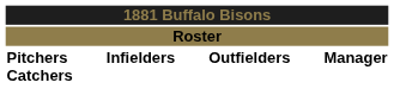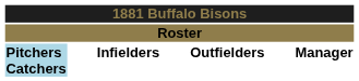 <table class="toccolours" style="font-size: 95%;">
 <tr>
 <th colspan="10" style="background-color: #1E1E1E; color: #8F7D4B; text-align: center;">1881 Buffalo Bisons</th>
 </tr>
 <tr>
 <td colspan="10" style="background-color:#8F7D4B; color: 1E1E1E; text-align: center;"><strong>Roster</strong></td>
 </tr>
 <tr>
-<td valign="top"><strong>Pitchers</strong><br>  <strong>Catchers</strong>  </td>
+<td valign="top" style="background: lightblue;"><strong>Pitchers</strong><br>  <strong>Catchers</strong>  </td>
 <td width="25px"></td>
 <td valign="top"><strong>Infielders</strong><br>     </td>
 <td width="25px"></td>
 <td valign="top"><strong>Outfielders</strong><br>     </td>
 <td width="25px"></td>
 <td valign="top"><strong>Manager</strong><br></td>
 </tr>
 </table>
